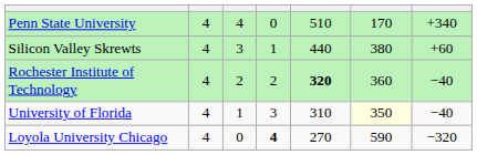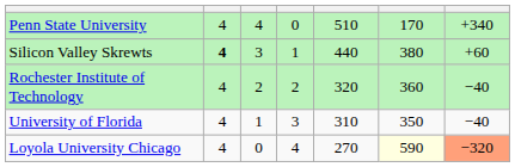 <table class="wikitable" style="text-align: center; font-size: 85%;">
 <tr>
 <th width=165></th>
 <th width=25></th>
 <th width=25></th>
 <th width=25></th>
 <th width=50></th>
 <th width=50></th>
 <th width=50></th>
 </tr>
 <tr style="background:#BBF3BB;">
 <td style="text-align:left;"><a href='#'>Penn State University</a></td>
 <td>4</td>
 <td>4</td>
 <td>0</td>
 <td>510</td>
 <td>170</td>
 <td>+340</td>
 </tr>
 <tr style="background:#BBF3BB;">
 <td style="text-align:left;">Silicon Valley Skrewts</td>
-<td>4</td>
+<td><strong>4</strong></td>
 <td>3</td>
 <td>1</td>
 <td>440</td>
 <td>380</td>
 <td>+60</td>
 </tr>
 <tr style="background:#BBF3BB;">
 <td style="text-align:left;"><a href='#'>Rochester Institute of Technology</a></td>
 <td>4</td>
 <td>2</td>
 <td>2</td>
-<td><strong>320</strong></td>
+<td>320</td>
 <td>360</td>
 <td>−40</td>
 </tr>
 <tr>
 <td style="text-align:left;"><a href='#'>University of Florida</a></td>
 <td>4</td>
 <td>1</td>
 <td>3</td>
 <td>310</td>
-<td style="background: lightyellow;">350</td>
+<td>350</td>
 <td>−40</td>
 </tr>
 <tr>
 <td style="text-align:left;"><a href='#'>Loyola University Chicago</a></td>
 <td>4</td>
 <td>0</td>
-<td><strong>4</strong></td>
+<td>4</td>
 <td>270</td>
-<td>590</td>
-<td>−320</td>
+<td style="background: lightyellow;">590</td>
+<td style="background: lightsalmon;">−320</td>
 </tr>
 </table>
